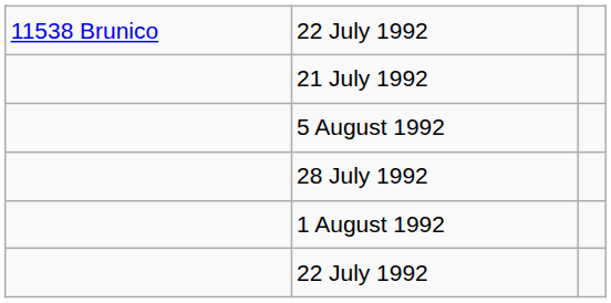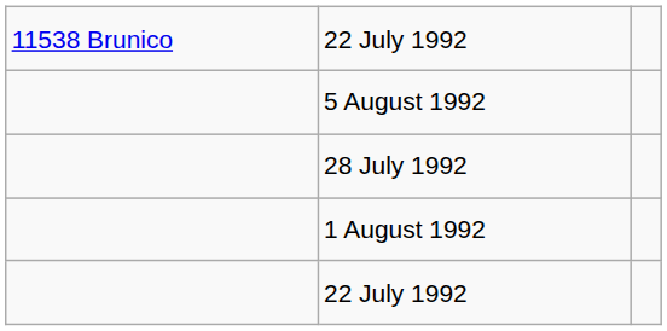 <table class="wikitable" style="font-size: 89%; float: left; width: 26em; margin-right: 1em; height: 180px;">
 <tr>
 <td><a href='#'>11538 Brunico</a></td>
 <td>22 July 1992</td>
-<td> </td>
-</tr>
-<tr>
-<td></td>
-<td>21 July 1992</td>
 <td> </td>
 </tr>
 <tr>
 <td></td>
 <td>5 August 1992</td>
 <td> </td>
 </tr>
 <tr>
 <td></td>
 <td>28 July 1992</td>
 <td> </td>
 </tr>
 <tr>
 <td></td>
 <td>1 August 1992</td>
 <td> </td>
 </tr>
 <tr>
 <td></td>
 <td>22 July 1992</td>
 <td> </td>
 </tr>
 </table>
